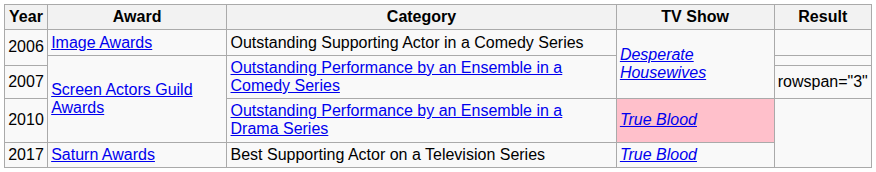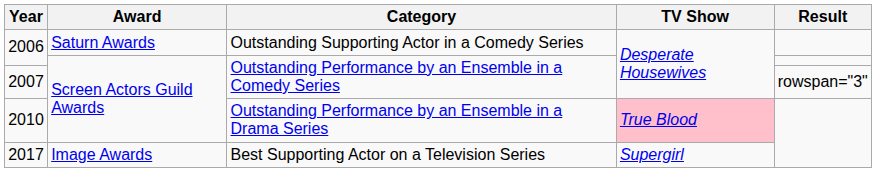 <table class="wikitable">
 <tr>
 <th>Year</th>
 <th>Award</th>
 <th>Category</th>
 <th>TV Show</th>
 <th>Result</th>
 </tr>
 <tr>
 <td rowspan="2">2006</td>
-<td><a href='#'>Image Awards</a></td>
+<td><a href='#'>Saturn Awards</a></td>
 <td>Outstanding Supporting Actor in a Comedy Series</td>
 <td rowspan=3><em><a href='#'>Desperate Housewives</a></em></td>
 <td></td>
 </tr>
 <tr>
 <td rowspan="3"><a href='#'>Screen Actors Guild Awards</a></td>
 <td rowspan="2"><a href='#'>Outstanding Performance by an Ensemble in a Comedy Series</a></td>
 <td></td>
 </tr>
 <tr>
 <td>2007</td>
 <td>rowspan="3" </td>
 </tr>
 <tr>
 <td>2010</td>
 <td><a href='#'>Outstanding Performance by an Ensemble in a Drama Series</a></td>
 <td style="background: pink;"><em><a href='#'>True Blood</a></em></td>
 </tr>
 <tr>
 <td>2017</td>
-<td><a href='#'>Saturn Awards</a></td>
+<td><a href='#'>Image Awards</a></td>
 <td>Best Supporting Actor on a Television Series</td>
-<td><em><a href='#'>True Blood</a></em></td>
+<td><em><a href='#'>Supergirl</a></em></td>
 </tr>
 </table>
